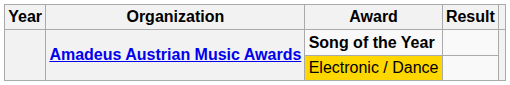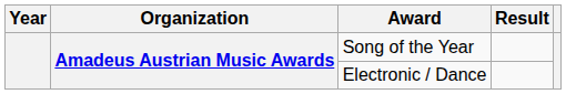 <table class="wikitable plainrowheaders">
 <tr>
 <th scope="col" class="sortable">Year</th>
 <th scope="col" class="sortable">Organization</th>
 <th scope="col" class="sortable">Award</th>
 <th scope="col" class="sortable">Result</th>
 <th scope="col" class="unsortable"></th>
 </tr>
 <tr>
 <th rowspan="2" scope="row"></th>
 <th rowspan="2" scope="row"><a href='#'>Amadeus Austrian Music Awards</a></th>
-<td><strong>Song of the Year</strong></td>
+<td>Song of the Year</td>
 <td></td>
 <th rowspan="2" scope="row"></th>
 </tr>
 <tr>
-<td style="background: gold;">Electronic / Dance</td>
+<td>Electronic / Dance</td>
 <td></td>
 </tr>
 </table>
